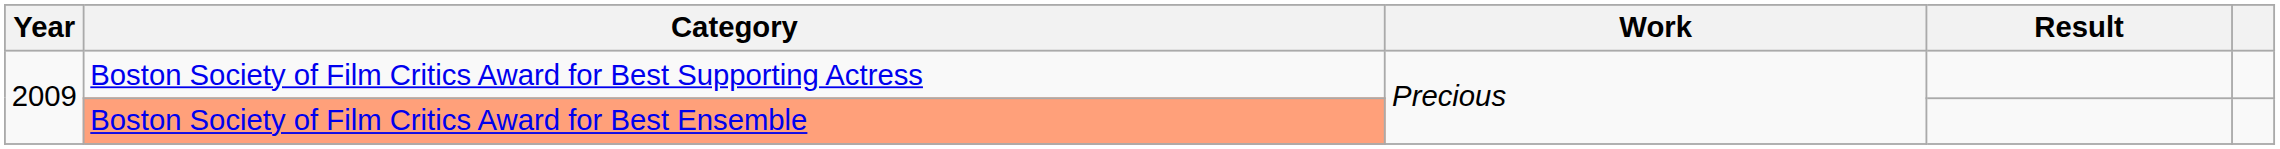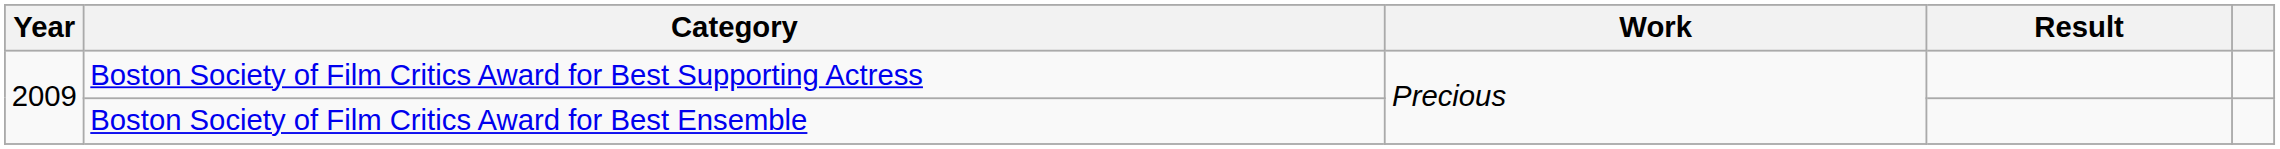 <table class="wikitable">
 <tr>
 <th scope="col" style="width:1em;">Year</th>
 <th scope="col" style="width:44em;">Category</th>
 <th scope="col" style="width:18em;">Work</th>
 <th scope="col" style="width:10em;">Result</th>
 <th class="unsortable" style="width:1em;"></th>
 </tr>
 <tr>
 <td rowspan="2">2009</td>
 <td><a href='#'>Boston Society of Film Critics Award for Best Supporting Actress</a></td>
 <td rowspan="2"><em>Precious</em></td>
 <td></td>
 <td></td>
 </tr>
 <tr>
-<td style="background: lightsalmon;"><a href='#'>Boston Society of Film Critics Award for Best Ensemble</a> </td>
+<td><a href='#'>Boston Society of Film Critics Award for Best Ensemble</a> </td>
 <td></td>
 <td></td>
 </tr>
 </table>
